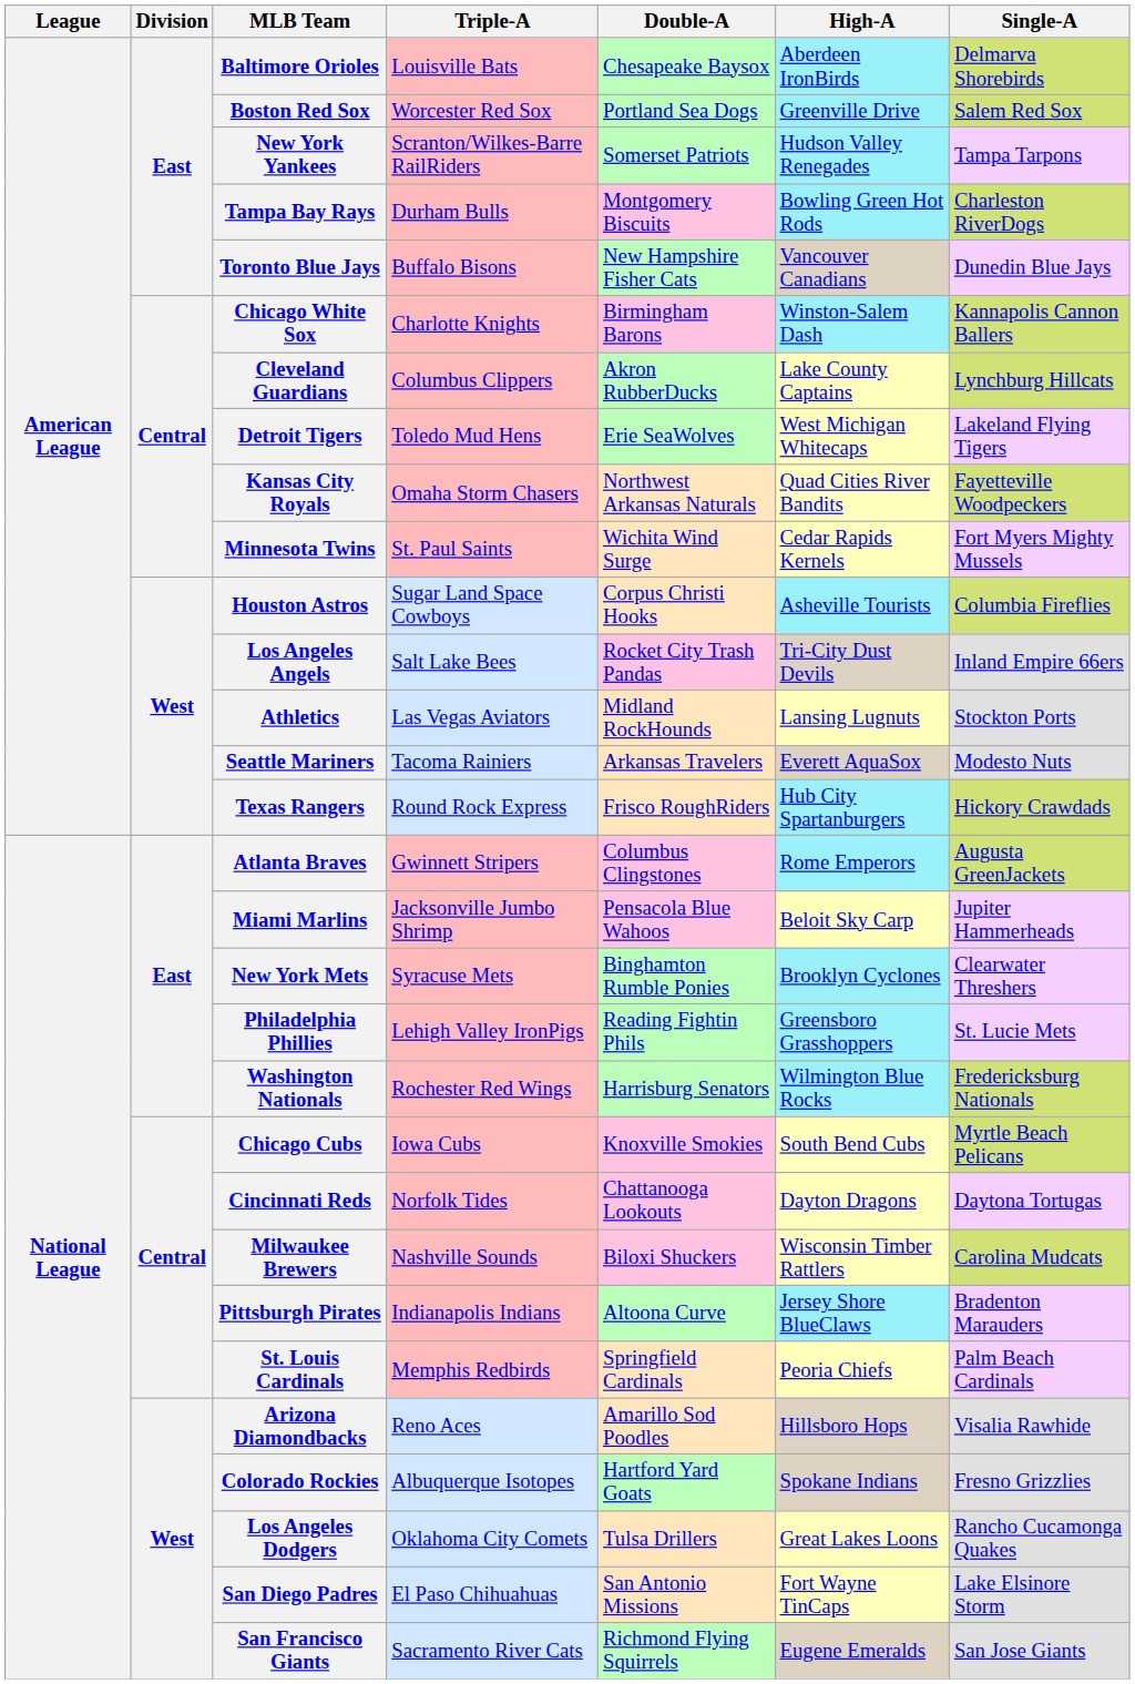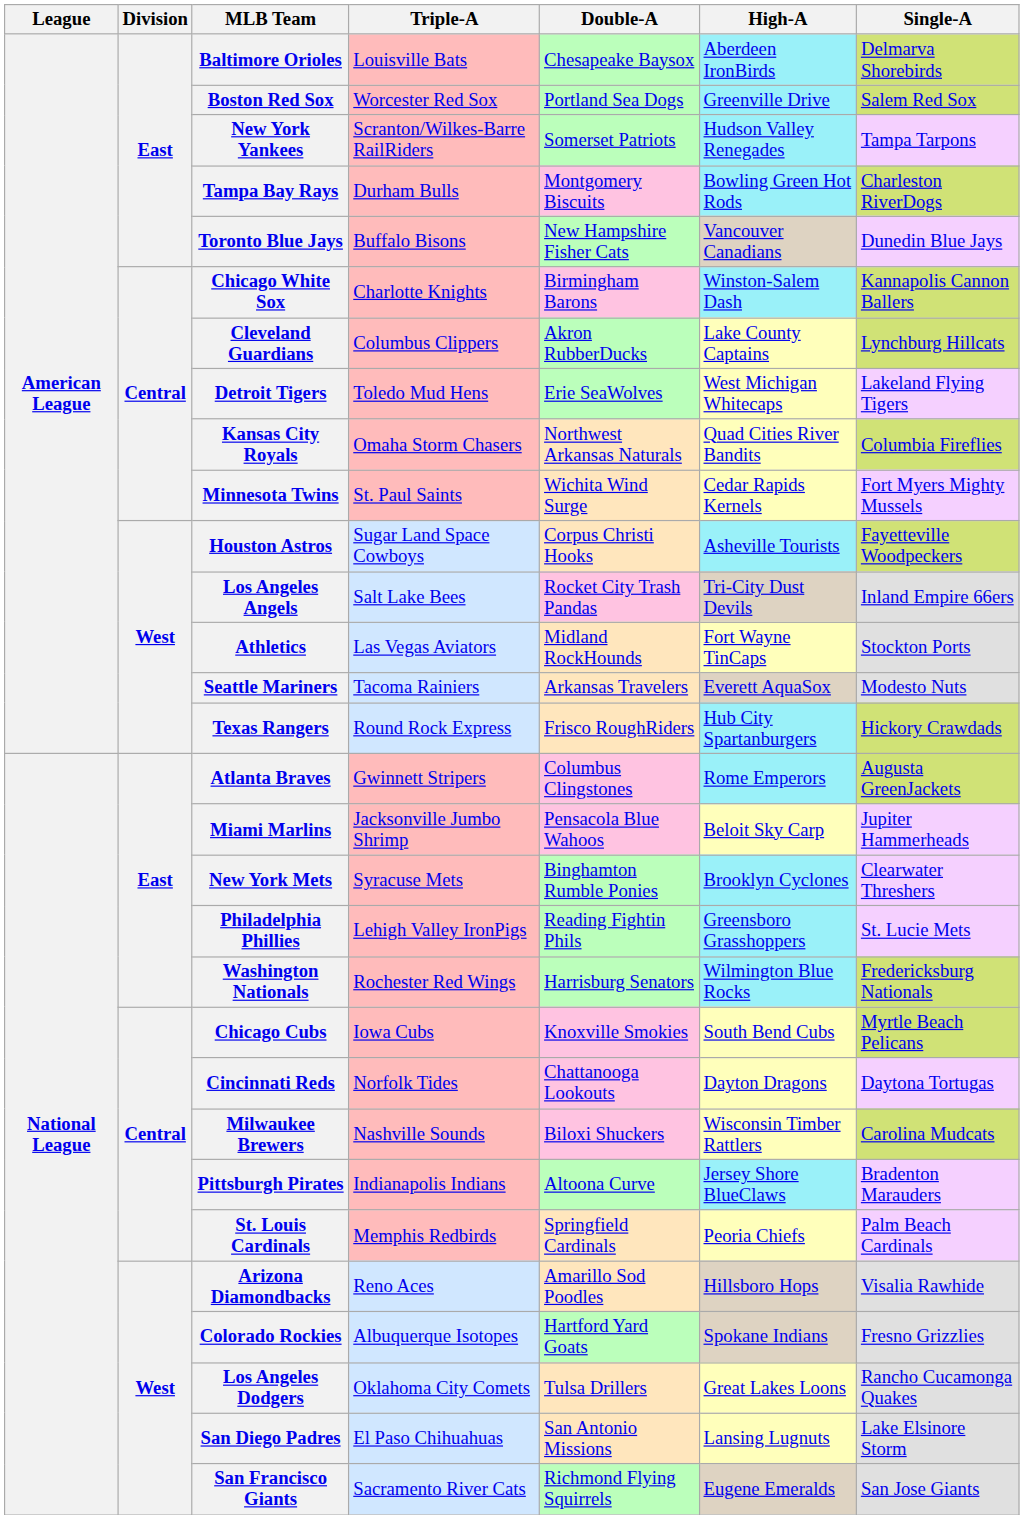 <table class="wikitable plainrowheaders" style="text-align:left">
 <tr>
 <th scope="col">League</th>
 <th scope="col">Division</th>
 <th scope="col">MLB Team</th>
 <th scope="col">Triple-A</th>
 <th scope="col">Double-A</th>
 <th scope="col">High-A</th>
 <th scope="col">Single-A</th>
 </tr>
 <tr>
 <th scope="rowgroup" rowspan="15"><a href='#'><span>American League</span></a></th>
 <th scope="rowgroup" rowspan="5"><a href='#'>East</a></th>
 <th scope="row"><a href='#'>Baltimore Orioles</a></th>
 <td style="background:#ffbbbb"><a href='#'>Louisville Bats</a></td>
 <td style="background:#bbffbb"><a href='#'>Chesapeake Baysox</a></td>
 <td style="background:#9af1f9"><a href='#'>Aberdeen IronBirds</a></td>
 <td style="background:#d0e276"><a href='#'>Delmarva Shorebirds</a></td>
 </tr>
 <tr>
 <th scope="row"><a href='#'>Boston Red Sox</a></th>
 <td style="background:#ffbbbb"><a href='#'>Worcester Red Sox</a></td>
 <td style="background:#bbffbb"><a href='#'>Portland Sea Dogs</a></td>
 <td style="background:#9af1f9"><a href='#'>Greenville Drive</a></td>
 <td style="background:#d0e276"><a href='#'>Salem Red Sox</a></td>
 </tr>
 <tr>
 <th scope="row"><a href='#'>New York Yankees</a></th>
 <td style="background:#ffbbbb"><a href='#'>Scranton/Wilkes-Barre RailRiders</a></td>
 <td style="background:#bbffbb"><a href='#'>Somerset Patriots</a></td>
 <td style="background:#9af1f9"><a href='#'>Hudson Valley Renegades</a></td>
 <td style="background:#f5d0ff"><a href='#'>Tampa Tarpons</a></td>
 </tr>
 <tr>
 <th scope="row"><a href='#'>Tampa Bay Rays</a></th>
 <td style="background:#ffbbbb"><a href='#'>Durham Bulls</a></td>
 <td style="background:#ffc3e1"><a href='#'>Montgomery Biscuits</a></td>
 <td style="background:#9af1f9"><a href='#'>Bowling Green Hot Rods</a></td>
 <td style="background:#d0e276"><a href='#'>Charleston RiverDogs</a></td>
 </tr>
 <tr>
 <th scope="row"><a href='#'>Toronto Blue Jays</a></th>
 <td style="background:#ffbbbb"><a href='#'>Buffalo Bisons</a></td>
 <td style="background:#bbffbb"><a href='#'>New Hampshire Fisher Cats</a></td>
 <td style="background:#ded3c2"><a href='#'>Vancouver Canadians</a></td>
 <td style="background:#f5d0ff"><a href='#'>Dunedin Blue Jays</a></td>
 </tr>
 <tr>
 <th scope="rowgroup" rowspan="5"><a href='#'>Central</a></th>
 <th scope="row"><a href='#'>Chicago White Sox</a></th>
 <td style="background:#ffbbbb"><a href='#'>Charlotte Knights</a></td>
 <td style="background:#ffc3e1"><a href='#'>Birmingham Barons</a></td>
 <td style="background:#9af1f9"><a href='#'>Winston-Salem Dash</a></td>
 <td style="background:#d0e276"><a href='#'>Kannapolis Cannon Ballers</a></td>
 </tr>
 <tr>
 <th scope="row"><a href='#'>Cleveland Guardians</a></th>
 <td style="background:#ffbbbb"><a href='#'>Columbus Clippers</a></td>
 <td style="background:#bbffbb"><a href='#'>Akron RubberDucks</a></td>
 <td style="background:#ffffbb"><a href='#'>Lake County Captains</a></td>
 <td style="background:#d0e276"><a href='#'>Lynchburg Hillcats</a></td>
 </tr>
 <tr>
 <th scope="row"><a href='#'>Detroit Tigers</a></th>
 <td style="background:#ffbbbb"><a href='#'>Toledo Mud Hens</a></td>
 <td style="background:#bbffbb"><a href='#'>Erie SeaWolves</a></td>
 <td style="background:#ffffbb"><a href='#'>West Michigan Whitecaps</a></td>
 <td style="background:#f5d0ff"><a href='#'>Lakeland Flying Tigers</a></td>
 </tr>
 <tr>
 <th scope="row"><a href='#'>Kansas City Royals</a></th>
 <td style="background:#ffbbbb"><a href='#'>Omaha Storm Chasers</a></td>
 <td style="background:#ffe6bd"><a href='#'>Northwest Arkansas Naturals</a></td>
 <td style="background:#ffffbb"><a href='#'>Quad Cities River Bandits</a></td>
-<td style="background:#d0e276"><a href='#'>Fayetteville Woodpeckers</a></td>
+<td style="background:#d0e276"><a href='#'>Columbia Fireflies</a></td>
 </tr>
 <tr>
 <th scope="row"><a href='#'>Minnesota Twins</a></th>
 <td style="background:#ffbbbb"><a href='#'>St. Paul Saints</a></td>
 <td style="background:#ffe6bd"><a href='#'>Wichita Wind Surge</a></td>
 <td style="background:#ffffbb"><a href='#'>Cedar Rapids Kernels</a></td>
 <td style="background:#f5d0ff"><a href='#'>Fort Myers Mighty Mussels</a></td>
 </tr>
 <tr>
 <th scope="rowgroup" rowspan="5"><a href='#'>West</a></th>
 <th scope="row"><a href='#'>Houston Astros</a></th>
 <td style="background:#d0e7ff"><a href='#'>Sugar Land Space Cowboys</a></td>
 <td style="background:#ffe6bd"><a href='#'>Corpus Christi Hooks</a></td>
 <td style="background:#9af1f9"><a href='#'>Asheville Tourists</a></td>
-<td style="background:#d0e276"><a href='#'>Columbia Fireflies</a></td>
+<td style="background:#d0e276"><a href='#'>Fayetteville Woodpeckers</a></td>
 </tr>
 <tr>
 <th scope="row"><a href='#'>Los Angeles Angels</a></th>
 <td style="background:#d0e7ff"><a href='#'>Salt Lake Bees</a></td>
 <td style="background:#ffc3e1"><a href='#'>Rocket City Trash Pandas</a></td>
 <td style="background:#ded3c2"><a href='#'>Tri-City Dust Devils</a></td>
 <td style="background:#e0e0e0"><a href='#'>Inland Empire 66ers</a> </td>
 </tr>
 <tr>
 <th scope="row"><a href='#'>Athletics</a></th>
 <td style="background:#d0e7ff"><a href='#'>Las Vegas Aviators</a></td>
 <td style="background:#ffe6bd"><a href='#'>Midland RockHounds</a></td>
-<td style="background:#ffffbb"><a href='#'>Lansing Lugnuts</a></td>
+<td style="background:#ffffbb"><a href='#'>Fort Wayne TinCaps</a></td>
 <td style="background:#e0e0e0"><a href='#'>Stockton Ports</a></td>
 </tr>
 <tr>
 <th scope="row"><a href='#'>Seattle Mariners</a></th>
 <td style="background:#d0e7ff"><a href='#'>Tacoma Rainiers</a></td>
 <td style="background:#ffe6bd"><a href='#'>Arkansas Travelers</a></td>
 <td style="background:#ded3c2"><a href='#'>Everett AquaSox</a></td>
 <td style="background:#e0e0e0"><a href='#'>Modesto Nuts</a> </td>
 </tr>
 <tr>
 <th scope="row"><a href='#'>Texas Rangers</a></th>
 <td style="background:#d0e7ff"><a href='#'>Round Rock Express</a></td>
 <td style="background:#ffe6bd"><a href='#'>Frisco RoughRiders</a></td>
 <td style="background:#9af1f9"><a href='#'>Hub City Spartanburgers</a></td>
 <td style="background:#d0e276"><a href='#'>Hickory Crawdads</a></td>
 </tr>
 <tr>
 <th scope="rowgroup" rowspan="15"><a href='#'><span>National League</span></a></th>
 <th scope="rowgroup" rowspan="5"><a href='#'>East</a></th>
 <th scope="row"><a href='#'>Atlanta Braves</a></th>
 <td style="background:#ffbbbb"><a href='#'>Gwinnett Stripers</a></td>
 <td style="background:#ffc3e1"><a href='#'>Columbus Clingstones</a></td>
 <td style="background:#9af1f9"><a href='#'>Rome Emperors</a></td>
 <td style="background:#d0e276"><a href='#'>Augusta GreenJackets</a></td>
 </tr>
 <tr>
 <th scope="row"><a href='#'>Miami Marlins</a></th>
 <td style="background:#ffbbbb"><a href='#'>Jacksonville Jumbo Shrimp</a></td>
 <td style="background:#ffc3e1"><a href='#'>Pensacola Blue Wahoos</a></td>
 <td style="background:#ffffbb"><a href='#'>Beloit Sky Carp</a></td>
 <td style="background:#f5d0ff"><a href='#'>Jupiter Hammerheads</a></td>
 </tr>
 <tr>
 <th scope="row"><a href='#'>New York Mets</a></th>
 <td style="background:#ffbbbb"><a href='#'>Syracuse Mets</a></td>
 <td style="background:#bbffbb"><a href='#'>Binghamton Rumble Ponies</a></td>
 <td style="background:#9af1f9"><a href='#'>Brooklyn Cyclones</a></td>
 <td style="background:#f5d0ff"><a href='#'>Clearwater Threshers</a></td>
 </tr>
 <tr>
 <th scope="row"><a href='#'>Philadelphia Phillies</a></th>
 <td style="background:#ffbbbb"><a href='#'>Lehigh Valley IronPigs</a></td>
 <td style="background:#bbffbb"><a href='#'>Reading Fightin Phils</a></td>
 <td style="background:#9af1f9"><a href='#'>Greensboro Grasshoppers</a></td>
 <td style="background:#f5d0ff"><a href='#'>St. Lucie Mets</a></td>
 </tr>
 <tr>
 <th scope="row"><a href='#'>Washington Nationals</a></th>
 <td style="background:#ffbbbb"><a href='#'>Rochester Red Wings</a></td>
 <td style="background:#bbffbb"><a href='#'>Harrisburg Senators</a></td>
 <td style="background:#9af1f9"><a href='#'>Wilmington Blue Rocks</a></td>
 <td style="background:#d0e276"><a href='#'>Fredericksburg Nationals</a></td>
 </tr>
 <tr>
 <th scope="rowgroup" rowspan="5"><a href='#'>Central</a></th>
 <th scope="row"><a href='#'>Chicago Cubs</a></th>
 <td style="background:#ffbbbb"><a href='#'>Iowa Cubs</a></td>
 <td style="background:#ffc3e1"><a href='#'>Knoxville Smokies</a></td>
 <td style="background:#ffffbb"><a href='#'>South Bend Cubs</a></td>
 <td style="background:#d0e276"><a href='#'>Myrtle Beach Pelicans</a></td>
 </tr>
 <tr>
 <th scope="row"><a href='#'>Cincinnati Reds</a></th>
 <td style="background:#ffbbbb"><a href='#'>Norfolk Tides</a></td>
 <td style="background:#ffc3e1"><a href='#'>Chattanooga Lookouts</a></td>
 <td style="background:#ffffbb"><a href='#'>Dayton Dragons</a></td>
 <td style="background:#f5d0ff"><a href='#'>Daytona Tortugas</a></td>
 </tr>
 <tr>
 <th scope="row"><a href='#'>Milwaukee Brewers</a></th>
 <td style="background:#ffbbbb"><a href='#'>Nashville Sounds</a></td>
 <td style="background:#ffc3e1"><a href='#'>Biloxi Shuckers</a></td>
 <td style="background:#ffffbb"><a href='#'>Wisconsin Timber Rattlers</a></td>
 <td style="background:#d0e276"><a href='#'>Carolina Mudcats</a></td>
 </tr>
 <tr>
 <th scope="row"><a href='#'>Pittsburgh Pirates</a></th>
 <td style="background:#ffbbbb"><a href='#'>Indianapolis Indians</a></td>
 <td style="background:#bbffbb"><a href='#'>Altoona Curve</a></td>
 <td style="background:#9af1f9"><a href='#'>Jersey Shore BlueClaws</a></td>
 <td style="background:#f5d0ff"><a href='#'>Bradenton Marauders</a></td>
 </tr>
 <tr>
 <th scope="row"><a href='#'>St. Louis Cardinals</a></th>
 <td style="background:#ffbbbb"><a href='#'>Memphis Redbirds</a></td>
 <td style="background:#ffe6bd"><a href='#'>Springfield Cardinals</a></td>
 <td style="background:#ffffbb"><a href='#'>Peoria Chiefs</a></td>
 <td style="background:#f5d0ff"><a href='#'>Palm Beach Cardinals</a></td>
 </tr>
 <tr>
 <th scope="rowgroup" rowspan="5"><a href='#'>West</a></th>
 <th scope="row"><a href='#'>Arizona Diamondbacks</a></th>
 <td style="background:#d0e7ff"><a href='#'>Reno Aces</a></td>
 <td style="background:#ffe6bd"><a href='#'>Amarillo Sod Poodles</a></td>
 <td style="background:#ded3c2"><a href='#'>Hillsboro Hops</a></td>
 <td style="background:#e0e0e0"><a href='#'>Visalia Rawhide</a></td>
 </tr>
 <tr>
 <th scope="row"><a href='#'>Colorado Rockies</a></th>
 <td style="background:#d0e7ff"><a href='#'>Albuquerque Isotopes</a></td>
 <td style="background:#bbffbb"><a href='#'>Hartford Yard Goats</a></td>
 <td style="background:#ded3c2"><a href='#'>Spokane Indians</a></td>
 <td style="background:#e0e0e0"><a href='#'>Fresno Grizzlies</a></td>
 </tr>
 <tr>
 <th scope="row"><a href='#'>Los Angeles Dodgers</a></th>
 <td style="background:#d0e7ff"><a href='#'>Oklahoma City Comets</a></td>
 <td style="background:#ffe6bd"><a href='#'>Tulsa Drillers</a></td>
 <td style="background:#ffffbb"><a href='#'>Great Lakes Loons</a></td>
 <td style="background:#e0e0e0"><a href='#'>Rancho Cucamonga Quakes</a> </td>
 </tr>
 <tr>
 <th scope="row"><a href='#'>San Diego Padres</a></th>
 <td style="background:#d0e7ff"><a href='#'>El Paso Chihuahuas</a></td>
 <td style="background:#ffe6bd"><a href='#'>San Antonio Missions</a></td>
-<td style="background:#ffffbb"><a href='#'>Fort Wayne TinCaps</a></td>
+<td style="background:#ffffbb"><a href='#'>Lansing Lugnuts</a></td>
 <td style="background:#e0e0e0"><a href='#'>Lake Elsinore Storm</a></td>
 </tr>
 <tr>
 <th scope="row"><a href='#'>San Francisco Giants</a></th>
 <td style="background:#d0e7ff"><a href='#'>Sacramento River Cats</a></td>
 <td style="background:#bbffbb"><a href='#'>Richmond Flying Squirrels</a></td>
 <td style="background:#ded3c2"><a href='#'>Eugene Emeralds</a></td>
 <td style="background:#e0e0e0"><a href='#'>San Jose Giants</a></td>
 </tr>
 </table>
